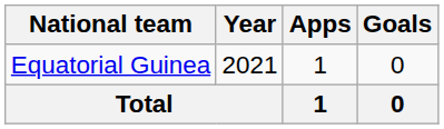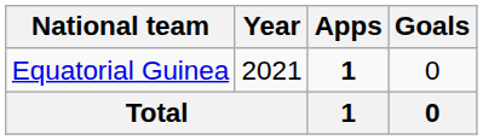 <table class="wikitable" style="text-align:center">
 <tr>
 <th>National team</th>
 <th>Year</th>
 <th>Apps</th>
 <th>Goals</th>
 </tr>
 <tr>
 <td rowspan=1><a href='#'>Equatorial Guinea</a></td>
 <td>2021</td>
-<td>1</td>
+<td><strong>1</strong></td>
 <td>0</td>
 </tr>
 <tr>
 <th colspan=2>Total</th>
 <th>1</th>
 <th>0</th>
 </tr>
 </table>
